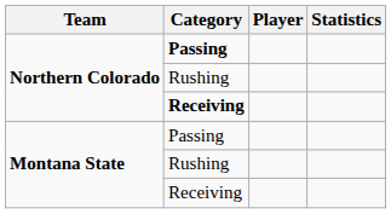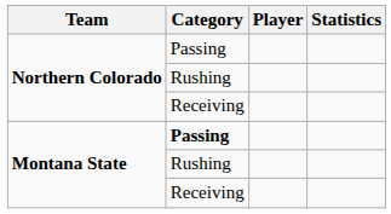 <table class="wikitable" style="float: right;">
 <tr>
 <th>Team</th>
 <th>Category</th>
 <th>Player</th>
 <th>Statistics</th>
 </tr>
 <tr>
 <td rowspan=3><strong>Northern Colorado</strong></td>
-<td><strong>Passing</strong></td>
-<td></td>
-<td></td>
-</tr>
-<tr>
-<td>Rushing</td>
-<td></td>
-<td></td>
-</tr>
-<tr>
-<td><strong>Receiving</strong></td>
-<td></td>
-<td></td>
-</tr>
-<tr>
-<td rowspan=3><strong>Montana State</strong></td>
 <td>Passing</td>
 <td></td>
 <td></td>
 </tr>
 <tr>
 <td>Rushing</td>
 <td></td>
 <td></td>
 </tr>
 <tr>
 <td>Receiving</td>
 <td></td>
 <td></td>
 </tr>
+<tr>
+<td rowspan=3><strong>Montana State</strong></td>
+<td><strong>Passing</strong></td>
+<td></td>
+<td></td>
+</tr>
+<tr>
+<td>Rushing</td>
+<td></td>
+<td></td>
+</tr>
+<tr>
+<td>Receiving</td>
+<td></td>
+<td></td>
+</tr>
 </table>
